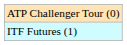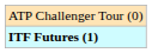 <table class="wikitable">
 <tr bgcolor="moccasin">
 <td>ATP Challenger Tour (0)</td>
 </tr>
 <tr bgcolor="CFFCFF">
-<td>ITF Futures (1)</td>
+<td><strong>ITF Futures (1)</strong></td>
 </tr>
 </table>
